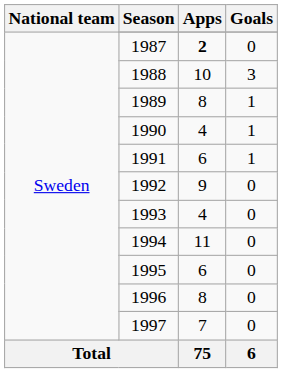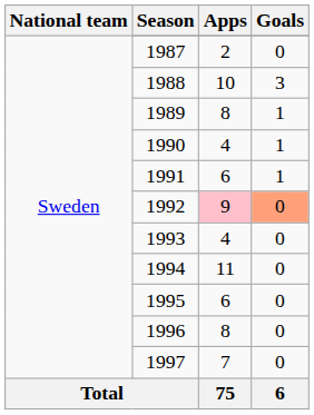 <table class="wikitable" style="text-align:center">
 <tr>
 <th>National team</th>
 <th>Season</th>
 <th>Apps</th>
 <th>Goals</th>
 </tr>
 <tr>
 <td rowspan="12"><a href='#'>Sweden</a></td>
 </tr>
 <tr>
 <td>1987</td>
-<td><strong>2</strong></td>
+<td>2</td>
 <td>0</td>
 </tr>
 <tr>
 <td>1988</td>
 <td>10</td>
 <td>3</td>
 </tr>
 <tr>
 <td>1989</td>
 <td>8</td>
 <td>1</td>
 </tr>
 <tr>
 <td>1990</td>
 <td>4</td>
 <td>1</td>
 </tr>
 <tr>
 <td>1991</td>
 <td>6</td>
 <td>1</td>
 </tr>
 <tr>
 <td>1992</td>
-<td>9</td>
-<td>0</td>
+<td style="background: pink;">9</td>
+<td style="background: lightsalmon;">0</td>
 </tr>
 <tr>
 <td>1993</td>
 <td>4</td>
 <td>0</td>
 </tr>
 <tr>
 <td>1994</td>
 <td>11</td>
 <td>0</td>
 </tr>
 <tr>
 <td>1995</td>
 <td>6</td>
 <td>0</td>
 </tr>
 <tr>
 <td>1996</td>
 <td>8</td>
 <td>0</td>
 </tr>
 <tr>
 <td>1997</td>
 <td>7</td>
 <td>0</td>
 </tr>
 <tr>
 <th colspan="2">Total</th>
 <th>75</th>
 <th>6</th>
 </tr>
 </table>
